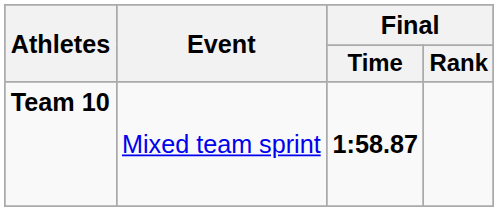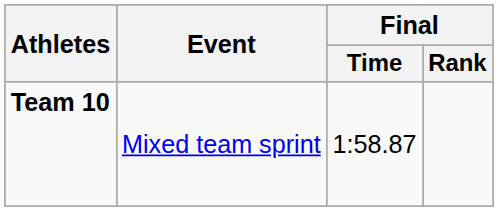 <table class="wikitable" style="font-size:90%">
 <tr>
 <th rowspan="2">Athletes</th>
 <th rowspan="2">Event</th>
 <th colspan="2">Final</th>
 </tr>
 <tr style="font-size:95%">
 <th>Time</th>
 <th>Rank</th>
 </tr>
 <tr align=center>
 <td align=left><strong>Team 10</strong><br><br><br><br></td>
 <td align=left><a href='#'>Mixed team sprint</a></td>
-<td><strong>1:58.87</strong></td>
+<td>1:58.87</td>
 <td></td>
 </tr>
 </table>
